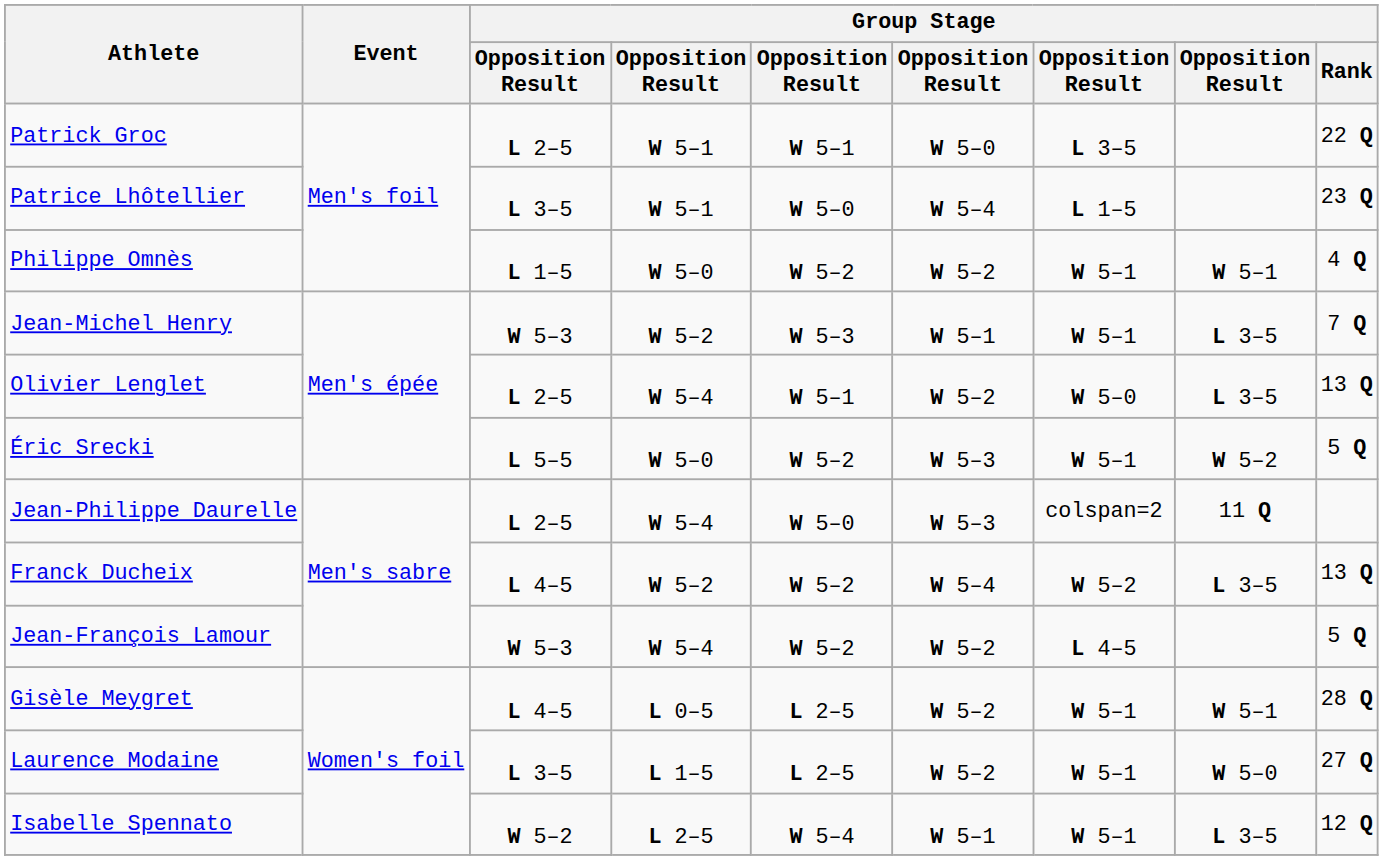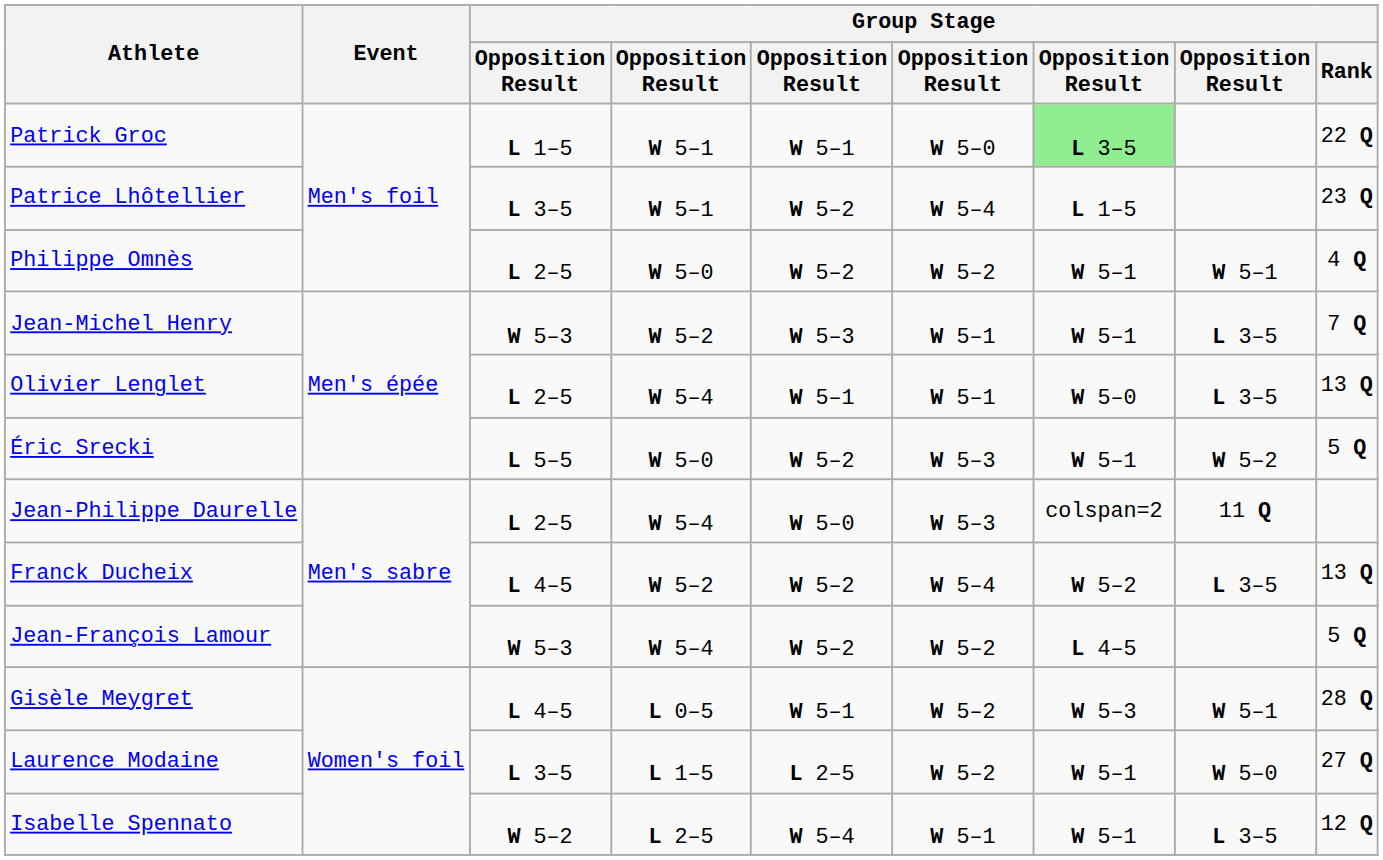 <table class=wikitable style="font-size:90%">
 <tr>
 <th rowspan="2">Athlete</th>
 <th rowspan="2">Event</th>
 <th colspan="7">Group Stage</th>
 </tr>
 <tr>
 <th>Opposition<br>Result</th>
 <th>Opposition<br>Result</th>
 <th>Opposition<br>Result</th>
 <th>Opposition<br>Result</th>
 <th>Opposition<br>Result</th>
 <th>Opposition<br>Result</th>
 <th>Rank</th>
 </tr>
 <tr align=center>
 <td align=left><a href='#'>Patrick Groc</a></td>
 <td align=left rowspan=3><a href='#'>Men's foil</a></td>
-<td><br><strong>L</strong> 2–5</td>
+<td><br><strong>L</strong> 1–5</td>
 <td><br><strong>W</strong> 5–1</td>
 <td><br><strong>W</strong> 5–1</td>
 <td><br><strong>W</strong> 5–0</td>
-<td><br><strong>L</strong> 3–5</td>
+<td style="background: lightgreen;"><br><strong>L</strong> 3–5</td>
 <td></td>
 <td>22 <strong>Q</strong></td>
 </tr>
 <tr align=center>
 <td align=left><a href='#'>Patrice Lhôtellier</a></td>
 <td><br><strong>L</strong> 3–5</td>
 <td><br><strong>W</strong> 5–1</td>
-<td><br><strong>W</strong> 5–0</td>
+<td><br><strong>W</strong> 5–2</td>
 <td><br><strong>W</strong> 5–4</td>
 <td><br><strong>L</strong> 1–5</td>
 <td></td>
 <td>23 <strong>Q</strong></td>
 </tr>
 <tr align=center>
 <td align=left><a href='#'>Philippe Omnès</a></td>
-<td><br><strong>L</strong> 1–5</td>
+<td><br><strong>L</strong> 2–5</td>
 <td><br><strong>W</strong>  5–0</td>
 <td><br><strong>W</strong> 5–2</td>
 <td><br><strong>W</strong> 5–2</td>
 <td><br><strong>W</strong> 5–1</td>
 <td><br><strong>W</strong> 5–1</td>
 <td>4 <strong>Q</strong></td>
 </tr>
 <tr align=center>
 <td align=left><a href='#'>Jean-Michel Henry</a></td>
 <td align=left rowspan=3><a href='#'>Men's épée</a></td>
 <td><br><strong>W</strong> 5–3</td>
 <td><br><strong>W</strong> 5–2</td>
 <td><br><strong>W</strong> 5–3</td>
 <td><br><strong>W</strong> 5–1</td>
 <td><br><strong>W</strong> 5–1</td>
 <td><br><strong>L</strong> 3–5</td>
 <td>7 <strong>Q</strong></td>
 </tr>
 <tr align=center>
 <td align=left><a href='#'>Olivier Lenglet</a></td>
 <td><br><strong>L</strong> 2–5</td>
 <td><br><strong>W</strong> 5–4</td>
 <td><br><strong>W</strong> 5–1</td>
-<td><br><strong>W</strong> 5–2</td>
+<td><br><strong>W</strong> 5–1</td>
 <td><br><strong>W</strong> 5–0</td>
 <td><br><strong>L</strong> 3–5</td>
 <td>13 <strong>Q</strong></td>
 </tr>
 <tr align=center>
 <td align=left><a href='#'>Éric Srecki</a></td>
 <td><br><strong>L</strong> 5–5</td>
 <td><br><strong>W</strong> 5–0</td>
 <td><br><strong>W</strong> 5–2</td>
 <td><br><strong>W</strong> 5–3</td>
 <td><br><strong>W</strong> 5–1</td>
 <td><br><strong>W</strong> 5–2</td>
 <td>5 <strong>Q</strong></td>
 </tr>
 <tr align=center>
 <td align=left><a href='#'>Jean-Philippe Daurelle</a></td>
 <td align=left rowspan=3><a href='#'>Men's sabre</a></td>
 <td><br><strong>L</strong> 2–5</td>
 <td><br><strong>W</strong> 5–4</td>
 <td><br><strong>W</strong> 5–0</td>
 <td><br><strong>W</strong> 5–3</td>
 <td>colspan=2</td>
 <td>11 <strong>Q</strong></td>
 </tr>
 <tr align=center>
 <td align=left><a href='#'>Franck Ducheix</a></td>
 <td><br><strong>L</strong> 4–5</td>
 <td><br><strong>W</strong> 5–2</td>
 <td><br><strong>W</strong> 5–2</td>
 <td><br><strong>W</strong> 5–4</td>
 <td><br><strong>W</strong> 5–2</td>
 <td><br><strong>L</strong> 3–5</td>
 <td>13 <strong>Q</strong></td>
 </tr>
 <tr align=center>
 <td align=left><a href='#'>Jean-François Lamour</a></td>
 <td><br><strong>W</strong> 5–3</td>
 <td><br><strong>W</strong> 5–4</td>
 <td><br><strong>W</strong> 5–2</td>
 <td><br><strong>W</strong> 5–2</td>
 <td><br><strong>L</strong> 4–5</td>
 <td></td>
 <td>5 <strong>Q</strong></td>
 </tr>
 <tr align=center>
 <td align=left><a href='#'>Gisèle Meygret</a></td>
 <td align=left rowspan=3><a href='#'>Women's foil</a></td>
 <td><br><strong>L</strong> 4–5</td>
 <td><br><strong>L</strong> 0–5</td>
-<td><br><strong>L</strong> 2–5</td>
+<td><br><strong>W</strong> 5–1</td>
 <td><br><strong>W</strong> 5–2</td>
-<td><br><strong>W</strong> 5–1</td>
+<td><br><strong>W</strong> 5–3</td>
 <td><br><strong>W</strong> 5–1</td>
 <td>28 <strong>Q</strong></td>
 </tr>
 <tr align=center>
 <td align=left><a href='#'>Laurence Modaine</a></td>
 <td><br><strong>L</strong> 3–5</td>
 <td><br><strong>L</strong> 1–5</td>
 <td><br><strong>L</strong> 2–5</td>
 <td><br><strong>W</strong> 5–2</td>
 <td><br><strong>W</strong> 5–1</td>
 <td><br><strong>W</strong> 5–0</td>
 <td>27 <strong>Q</strong></td>
 </tr>
 <tr align=center>
 <td align=left><a href='#'>Isabelle Spennato</a></td>
 <td><br><strong>W</strong> 5–2</td>
 <td><br><strong>L</strong> 2–5</td>
 <td><br><strong>W</strong> 5–4</td>
 <td><br><strong>W</strong> 5–1</td>
 <td><br><strong>W</strong> 5–1</td>
 <td><br><strong>L</strong> 3–5</td>
 <td>12 <strong>Q</strong></td>
 </tr>
 </table>
